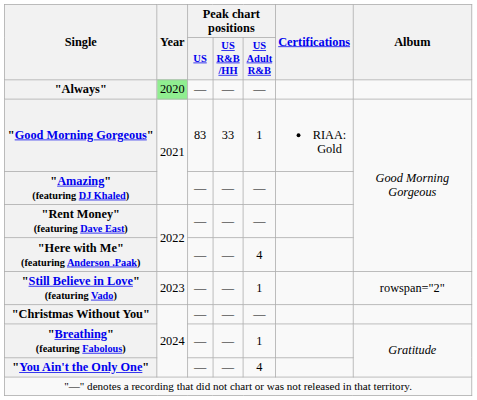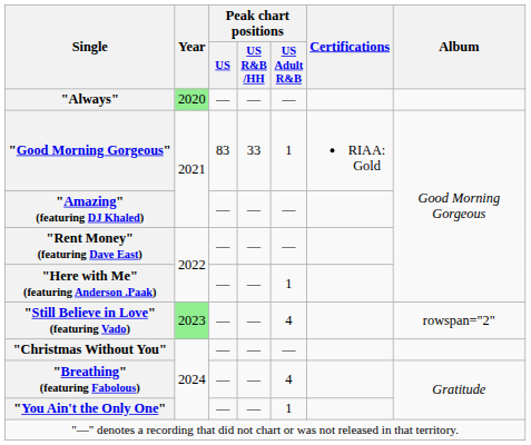 <table class="wikitable plainrowheaders" style="text-align: center;" border="1">
 <tr>
 <th scope="col" rowspan="2" style="width:20em;">Single</th>
 <th scope="col" rowspan="2" style="width:1em;">Year</th>
 <th scope="col"colspan="3">Peak chart positions</th>
 <th rowspan="2"><a href='#'>Certifications</a></th>
 <th rowspan="2" scope="col" style="width:14em;">Album</th>
 </tr>
 <tr>
 <th scope="col" style="width:2.75em;font-size:85%;"><a href='#'>US</a><br></th>
 <th scope="col" style="width:2.75em;font-size:85%;"><a href='#'>US R&B<br>/HH</a><br></th>
 <th scope="col" style="width:2.75em;font-size:85%;"><a href='#'>US Adult R&B</a><br></th>
 </tr>
 <tr>
 <th scope="row">"Always"<br></th>
 <td style="background: lightgreen;">2020</td>
 <td>—</td>
 <td>—</td>
 <td>—</td>
 <td></td>
 <td></td>
 </tr>
 <tr>
 <th scope="row">"<a href='#'>Good Morning Gorgeous</a>"</th>
 <td rowspan="2">2021</td>
 <td>83</td>
 <td>33</td>
 <td>1</td>
 <td><br><ul><li>RIAA: Gold</li></ul></td>
 <td rowspan="4"><em>Good Morning Gorgeous</em></td>
 </tr>
 <tr>
 <th scope="row">"<a href='#'>Amazing</a>"<br><small>(featuring <a href='#'>DJ Khaled</a>)</small></th>
 <td>—</td>
 <td>—</td>
 <td>—</td>
 <td></td>
 </tr>
 <tr>
 <th scope="row">"Rent Money"<br><small>(featuring <a href='#'>Dave East</a>)</small></th>
 <td rowspan="2">2022</td>
 <td>—</td>
 <td>—</td>
 <td>—</td>
 <td></td>
 </tr>
 <tr>
 <th scope="row">"Here with Me"<br><small>(featuring <a href='#'>Anderson .Paak</a>)</small></th>
 <td>—</td>
 <td>—</td>
-<td>4</td>
+<td>1</td>
 <td></td>
 </tr>
 <tr>
 <th scope="row">"<a href='#'>Still Believe in Love</a>"<br><small>(featuring <a href='#'>Vado</a>)</small></th>
-<td>2023</td>
+<td style="background: lightgreen;">2023</td>
 <td>—</td>
 <td>—</td>
-<td>1</td>
+<td>4</td>
 <td></td>
 <td>rowspan="2" </td>
 </tr>
 <tr>
 <th scope="row">"Christmas Without You"</th>
 <td rowspan="3">2024</td>
 <td>—</td>
 <td>—</td>
 <td>—</td>
 <td></td>
 </tr>
 <tr>
 <th scope="row">"<a href='#'>Breathing</a>"<br><small>(featuring <a href='#'>Fabolous</a>)</small></th>
 <td>—</td>
 <td>—</td>
-<td>1</td>
+<td>4</td>
 <td></td>
 <td rowspan="2"><em>Gratitude</em></td>
 </tr>
 <tr>
 <th scope="row">"<a href='#'>You Ain't the Only One</a>"</th>
 <td>—</td>
 <td>—</td>
-<td>4</td>
+<td>1</td>
 <td></td>
 </tr>
 <tr>
 <td colspan="16" style="font-size:90%">"—" denotes a recording that did not chart or was not released in that territory.</td>
 </tr>
 </table>
